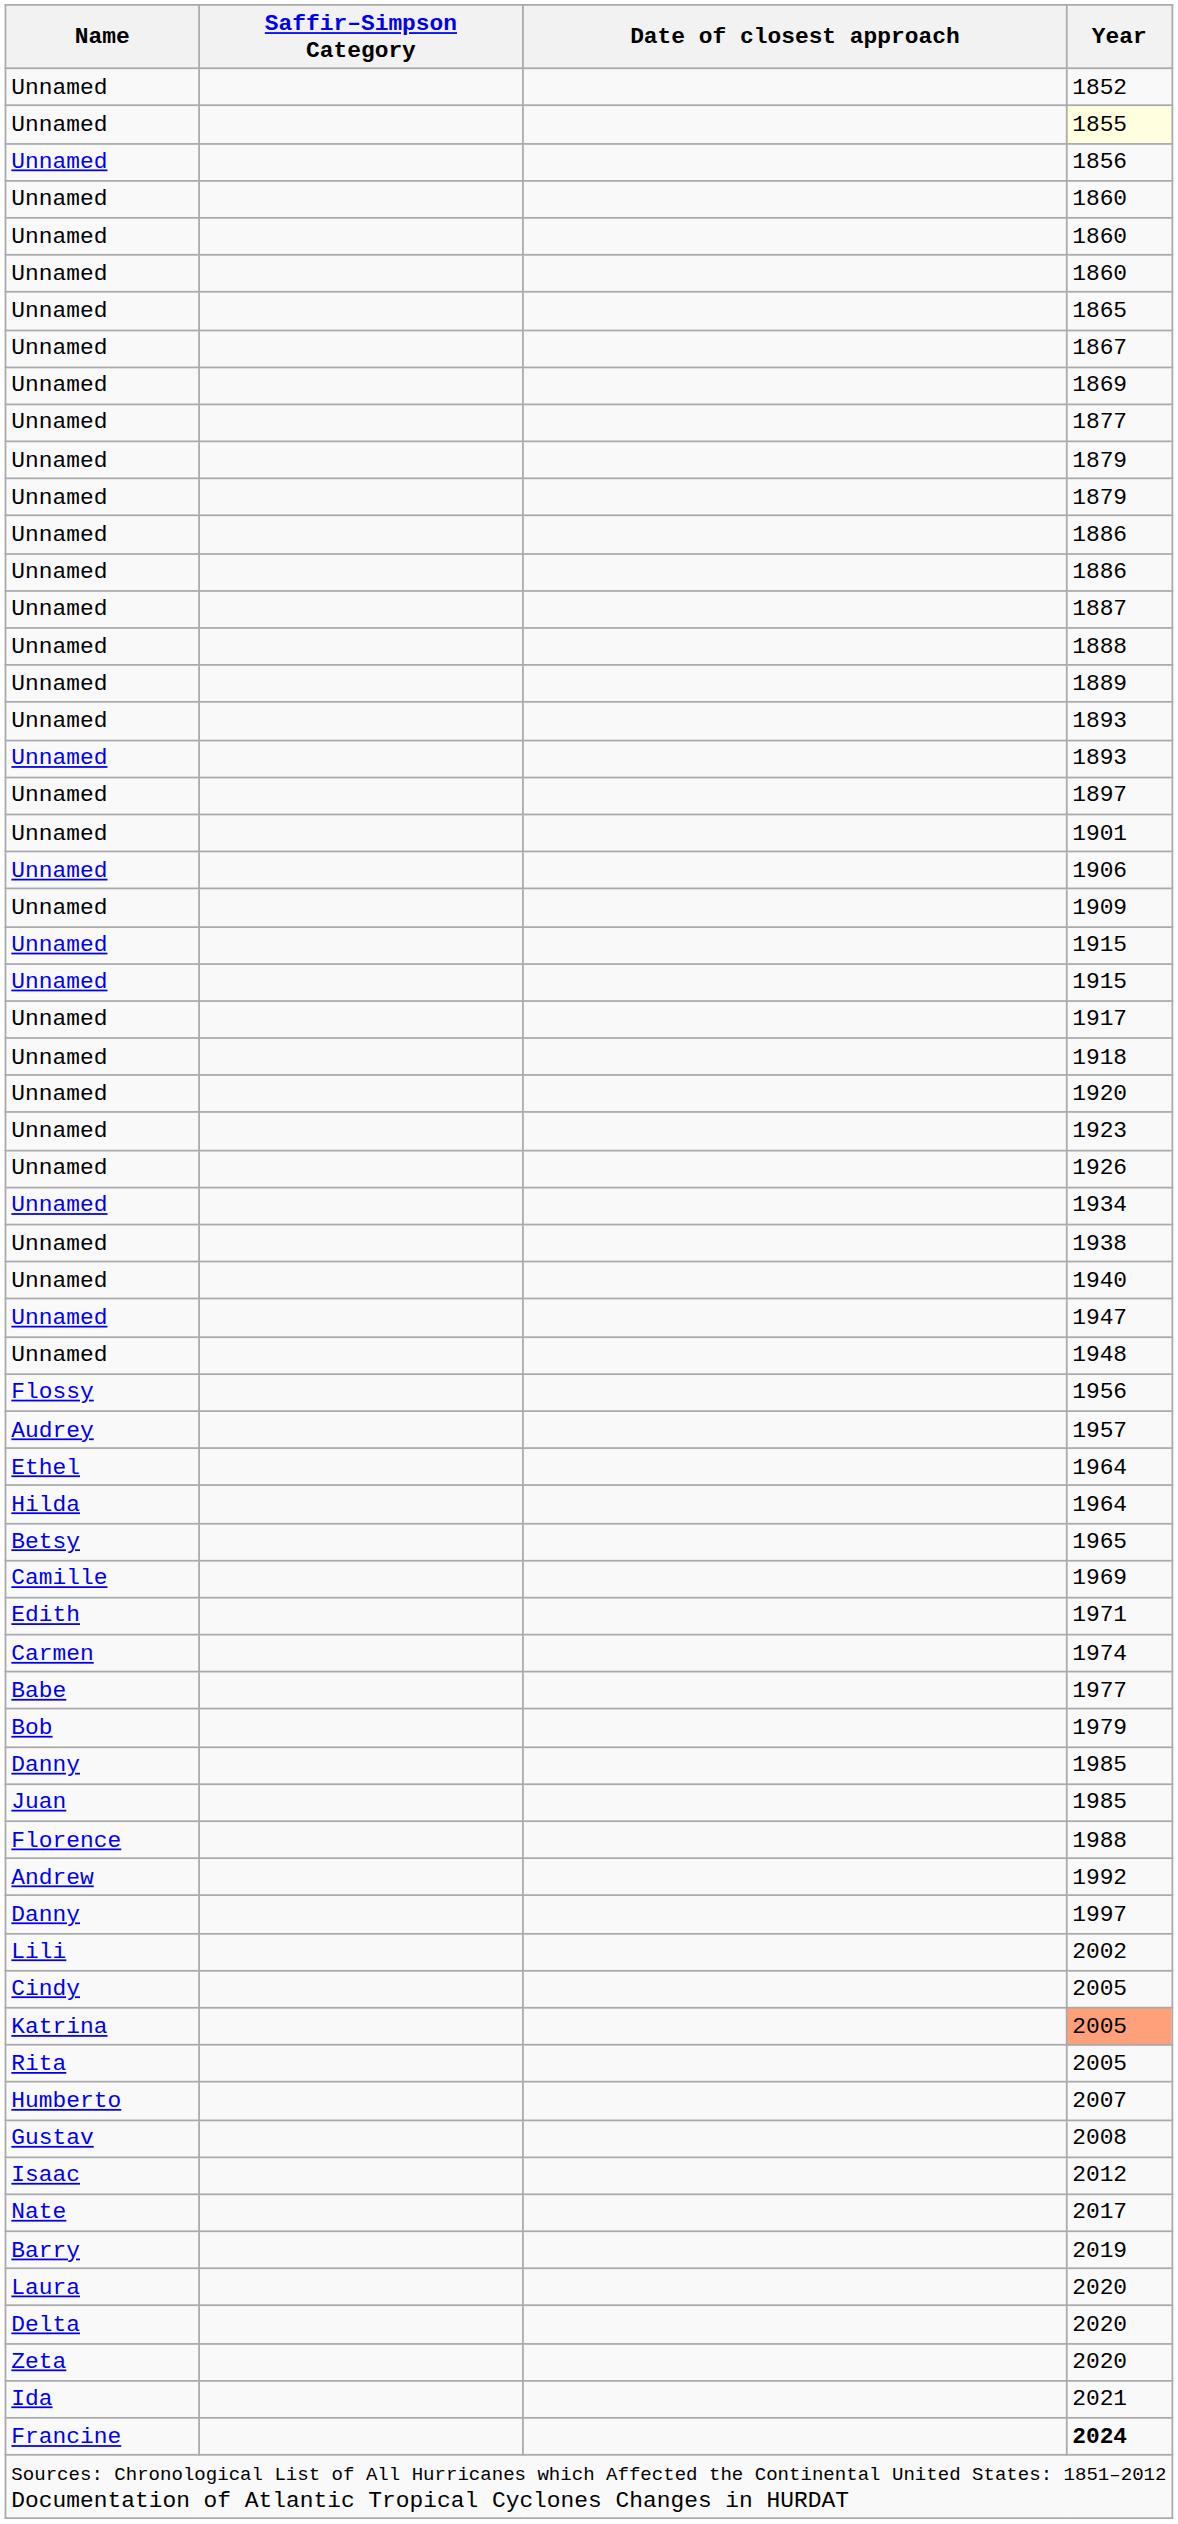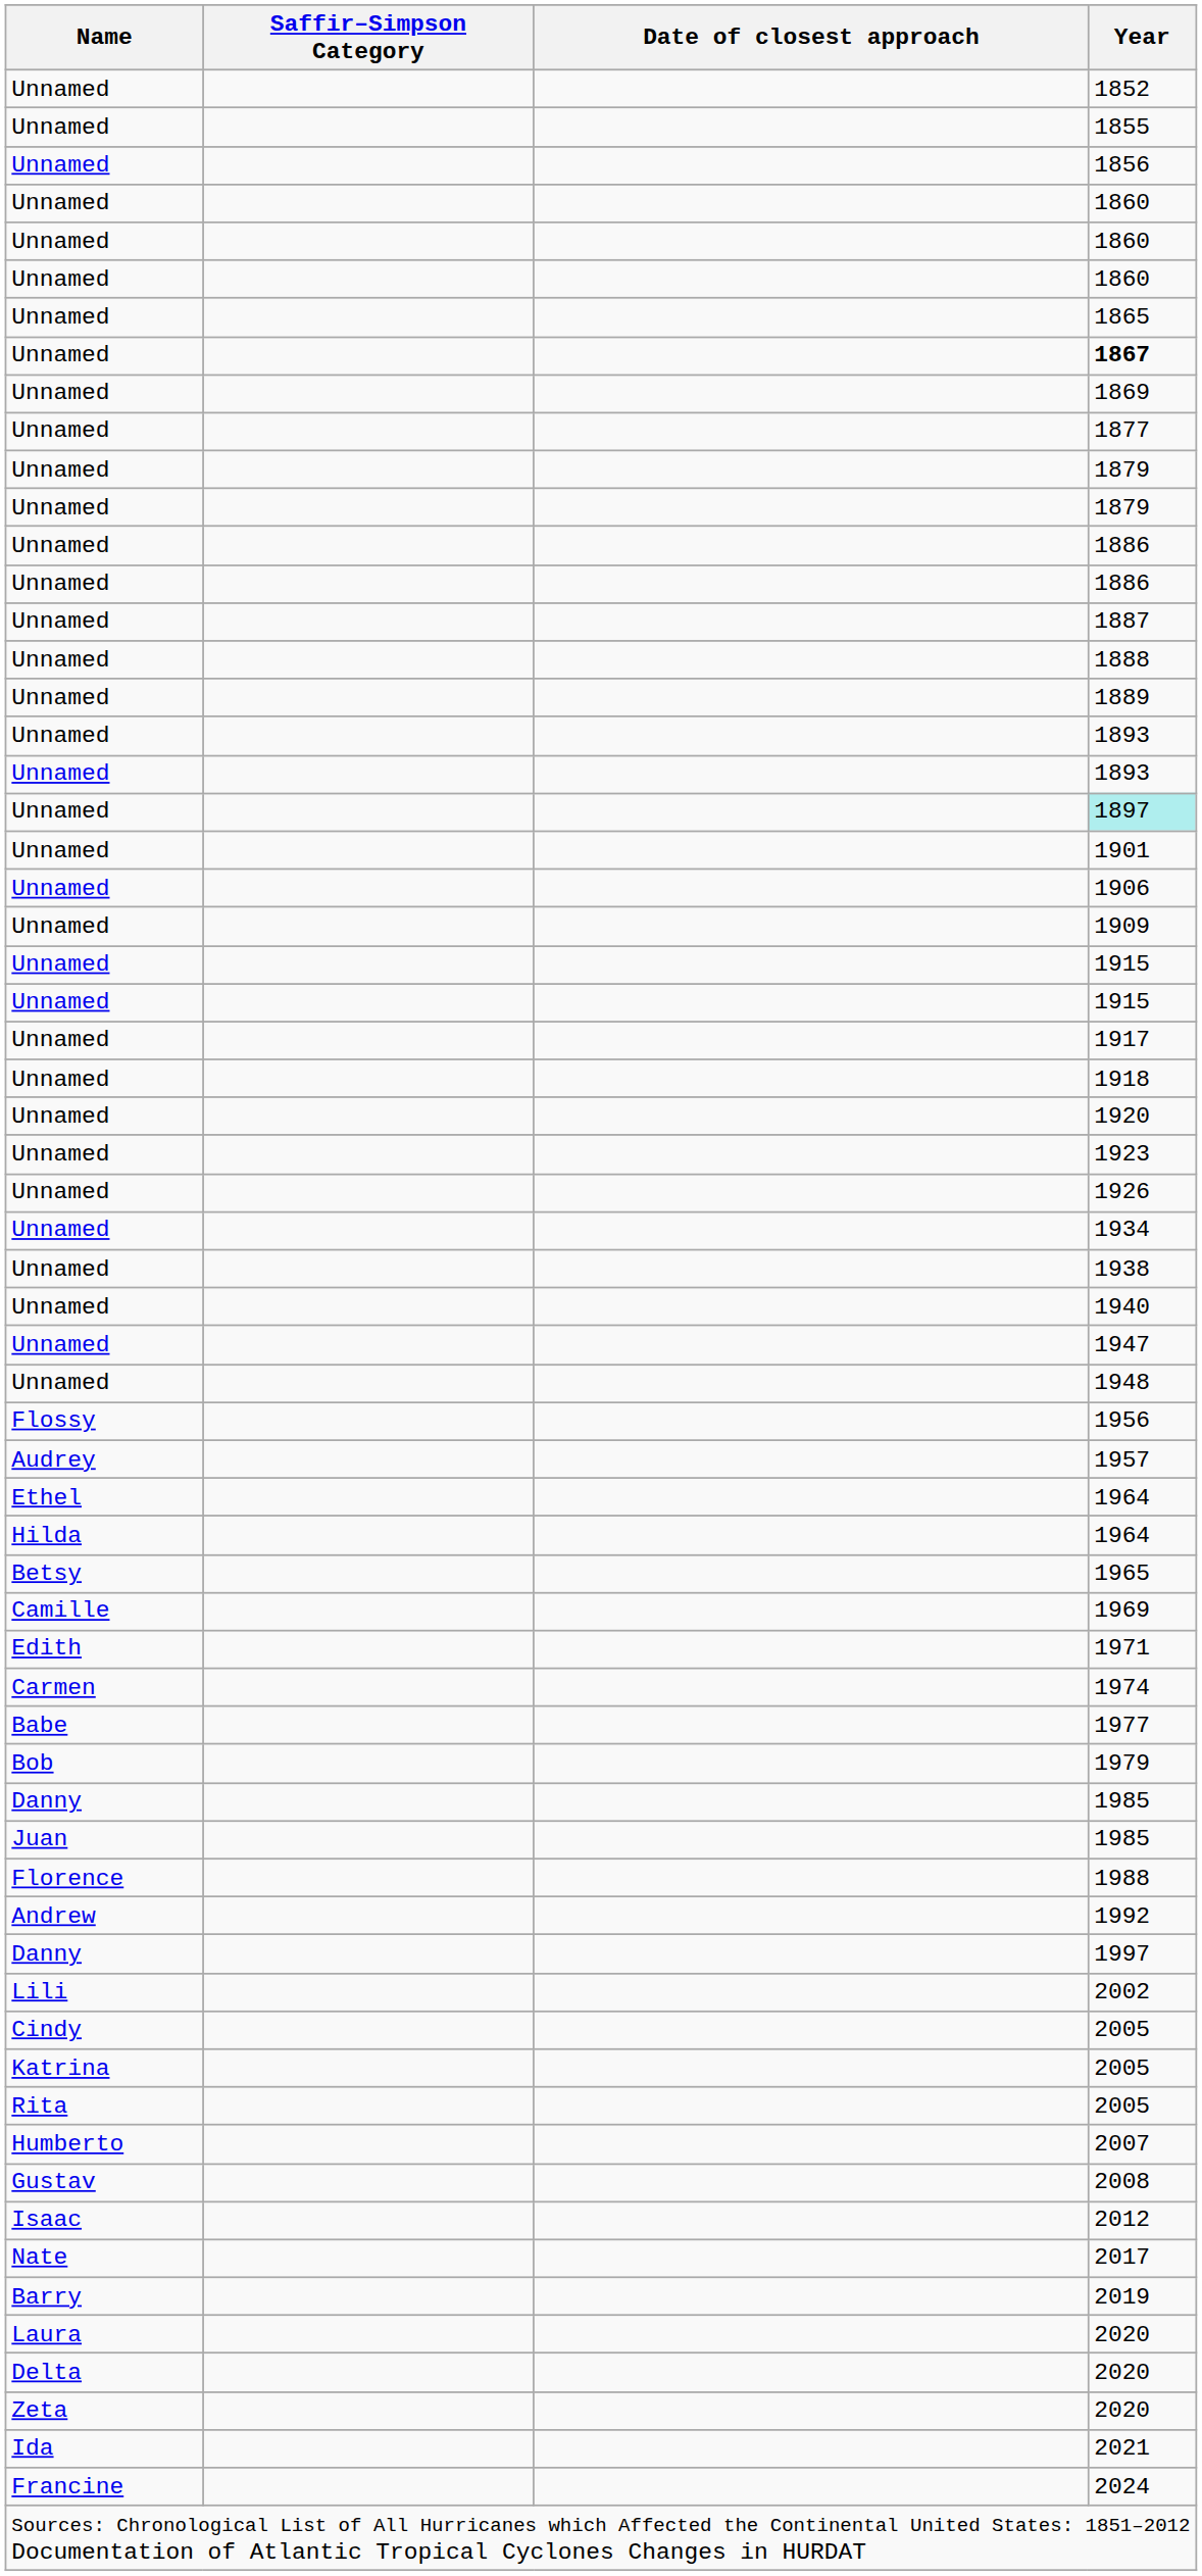 <table class = "wikitable" style="margin:1em auto;">
 <tr>
 <th>Name</th>
 <th><a href='#'>Saffir–Simpson</a><br>Category</th>
 <th>Date of closest approach</th>
 <th>Year</th>
 </tr>
 <tr>
 <td>Unnamed</td>
 <td></td>
 <td></td>
 <td>1852</td>
 </tr>
 <tr>
 <td>Unnamed</td>
 <td></td>
 <td></td>
-<td style="background: lightyellow;">1855</td>
+<td>1855</td>
 </tr>
 <tr>
 <td><a href='#'>Unnamed</a></td>
 <td></td>
 <td></td>
 <td>1856</td>
 </tr>
 <tr>
 <td>Unnamed</td>
 <td></td>
 <td></td>
 <td>1860</td>
 </tr>
 <tr>
 <td>Unnamed</td>
 <td></td>
 <td></td>
 <td>1860</td>
 </tr>
 <tr>
 <td>Unnamed</td>
 <td></td>
 <td></td>
 <td>1860</td>
 </tr>
 <tr>
 <td>Unnamed</td>
 <td></td>
 <td></td>
 <td>1865</td>
 </tr>
 <tr>
 <td>Unnamed</td>
 <td></td>
 <td></td>
-<td>1867</td>
+<td><strong>1867</strong></td>
 </tr>
 <tr>
 <td>Unnamed</td>
 <td></td>
 <td></td>
 <td>1869</td>
 </tr>
 <tr>
 <td>Unnamed</td>
 <td></td>
 <td></td>
 <td>1877</td>
 </tr>
 <tr>
 <td>Unnamed</td>
 <td></td>
 <td></td>
 <td>1879</td>
 </tr>
 <tr>
 <td>Unnamed</td>
 <td></td>
 <td></td>
 <td>1879</td>
 </tr>
 <tr>
 <td>Unnamed</td>
 <td></td>
 <td></td>
 <td>1886</td>
 </tr>
 <tr>
 <td>Unnamed</td>
 <td></td>
 <td></td>
 <td>1886</td>
 </tr>
 <tr>
 <td>Unnamed</td>
 <td></td>
 <td></td>
 <td>1887</td>
 </tr>
 <tr>
 <td>Unnamed</td>
 <td></td>
 <td></td>
 <td>1888</td>
 </tr>
 <tr>
 <td>Unnamed</td>
 <td></td>
 <td></td>
 <td>1889</td>
 </tr>
 <tr>
 <td>Unnamed</td>
 <td></td>
 <td></td>
 <td>1893</td>
 </tr>
 <tr>
 <td><a href='#'>Unnamed</a></td>
 <td></td>
 <td></td>
 <td>1893</td>
 </tr>
 <tr>
 <td>Unnamed</td>
 <td></td>
 <td></td>
-<td>1897</td>
+<td style="background: paleturquoise;">1897</td>
 </tr>
 <tr>
 <td>Unnamed</td>
 <td></td>
 <td></td>
 <td>1901</td>
 </tr>
 <tr>
 <td><a href='#'>Unnamed</a></td>
 <td></td>
 <td></td>
 <td>1906</td>
 </tr>
 <tr>
 <td>Unnamed</td>
 <td></td>
 <td></td>
 <td>1909</td>
 </tr>
 <tr>
 <td><a href='#'>Unnamed</a></td>
 <td></td>
 <td></td>
 <td>1915</td>
 </tr>
 <tr>
 <td><a href='#'>Unnamed</a></td>
 <td></td>
 <td></td>
 <td>1915</td>
 </tr>
 <tr>
 <td>Unnamed</td>
 <td></td>
 <td></td>
 <td>1917</td>
 </tr>
 <tr>
 <td>Unnamed</td>
 <td></td>
 <td></td>
 <td>1918</td>
 </tr>
 <tr>
 <td>Unnamed</td>
 <td></td>
 <td></td>
 <td>1920</td>
 </tr>
 <tr>
 <td>Unnamed</td>
 <td></td>
 <td></td>
 <td>1923</td>
 </tr>
 <tr>
 <td>Unnamed</td>
 <td></td>
 <td></td>
 <td>1926</td>
 </tr>
 <tr>
 <td><a href='#'>Unnamed</a></td>
 <td></td>
 <td></td>
 <td>1934</td>
 </tr>
 <tr>
 <td>Unnamed</td>
 <td></td>
 <td></td>
 <td>1938</td>
 </tr>
 <tr>
 <td>Unnamed</td>
 <td></td>
 <td></td>
 <td>1940</td>
 </tr>
 <tr>
 <td><a href='#'>Unnamed</a></td>
 <td></td>
 <td></td>
 <td>1947</td>
 </tr>
 <tr>
 <td>Unnamed</td>
 <td></td>
 <td></td>
 <td>1948</td>
 </tr>
 <tr>
 <td><a href='#'>Flossy</a></td>
 <td></td>
 <td></td>
 <td>1956</td>
 </tr>
 <tr>
 <td><a href='#'>Audrey</a></td>
 <td></td>
 <td></td>
 <td>1957</td>
 </tr>
 <tr>
 <td><a href='#'>Ethel</a></td>
 <td></td>
 <td></td>
 <td>1964</td>
 </tr>
 <tr>
 <td><a href='#'>Hilda</a></td>
 <td></td>
 <td></td>
 <td>1964</td>
 </tr>
 <tr>
 <td><a href='#'>Betsy</a></td>
 <td></td>
 <td></td>
 <td>1965</td>
 </tr>
 <tr>
 <td><a href='#'>Camille</a></td>
 <td></td>
 <td></td>
 <td>1969</td>
 </tr>
 <tr>
 <td><a href='#'>Edith</a></td>
 <td></td>
 <td></td>
 <td>1971</td>
 </tr>
 <tr>
 <td><a href='#'>Carmen</a></td>
 <td></td>
 <td></td>
 <td>1974</td>
 </tr>
 <tr>
 <td><a href='#'>Babe</a></td>
 <td></td>
 <td></td>
 <td>1977</td>
 </tr>
 <tr>
 <td><a href='#'>Bob</a></td>
 <td></td>
 <td></td>
 <td>1979</td>
 </tr>
 <tr>
 <td><a href='#'>Danny</a></td>
 <td></td>
 <td></td>
 <td>1985</td>
 </tr>
 <tr>
 <td><a href='#'>Juan</a></td>
 <td></td>
 <td></td>
 <td>1985</td>
 </tr>
 <tr>
 <td><a href='#'>Florence</a></td>
 <td></td>
 <td></td>
 <td>1988</td>
 </tr>
 <tr>
 <td><a href='#'>Andrew</a></td>
 <td></td>
 <td></td>
 <td>1992</td>
 </tr>
 <tr>
 <td><a href='#'>Danny</a></td>
 <td></td>
 <td></td>
 <td>1997</td>
 </tr>
 <tr>
 <td><a href='#'>Lili</a></td>
 <td></td>
 <td></td>
 <td>2002</td>
 </tr>
 <tr>
 <td><a href='#'>Cindy</a></td>
 <td></td>
 <td></td>
 <td>2005</td>
 </tr>
 <tr>
 <td><a href='#'>Katrina</a></td>
 <td></td>
 <td></td>
-<td style="background: lightsalmon;">2005</td>
+<td>2005</td>
 </tr>
 <tr>
 <td><a href='#'>Rita</a></td>
 <td></td>
 <td></td>
 <td>2005</td>
 </tr>
 <tr>
 <td><a href='#'>Humberto</a></td>
 <td></td>
 <td></td>
 <td>2007</td>
 </tr>
 <tr>
 <td><a href='#'>Gustav</a></td>
 <td></td>
 <td></td>
 <td>2008</td>
 </tr>
 <tr>
 <td><a href='#'>Isaac</a></td>
 <td></td>
 <td></td>
 <td>2012</td>
 </tr>
 <tr>
 <td><a href='#'>Nate</a></td>
 <td></td>
 <td></td>
 <td>2017</td>
 </tr>
 <tr>
 <td><a href='#'>Barry</a></td>
 <td></td>
 <td></td>
 <td>2019</td>
 </tr>
 <tr>
 <td><a href='#'>Laura</a></td>
 <td></td>
 <td></td>
 <td>2020</td>
 </tr>
 <tr>
 <td><a href='#'>Delta</a></td>
 <td></td>
 <td></td>
 <td>2020</td>
 </tr>
 <tr>
 <td><a href='#'>Zeta</a></td>
 <td></td>
 <td></td>
 <td>2020</td>
 </tr>
 <tr>
 <td><a href='#'>Ida</a></td>
 <td></td>
 <td></td>
 <td>2021</td>
 </tr>
 <tr>
 <td><a href='#'>Francine</a></td>
 <td></td>
 <td></td>
-<td><strong>2024</strong></td>
+<td>2024</td>
 </tr>
 <tr>
 <td colspan="9"><small>Sources: Chronological List of All Hurricanes which Affected the Continental United States: 1851–2012</small><br> Documentation of Atlantic Tropical Cyclones Changes in HURDAT</td>
 </tr>
 </table>
